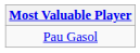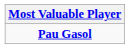 <table class=wikitable style="text-align:center; margin:auto">
 <tr>
 <th><a href='#'>Most Valuable Player</a></th>
 </tr>
 <tr>
-<td> <a href='#'>Pau Gasol</a></td>
+<td><strong> <a href='#'>Pau Gasol</a></strong></td>
 </tr>
 </table>
